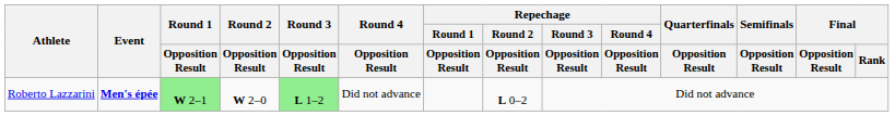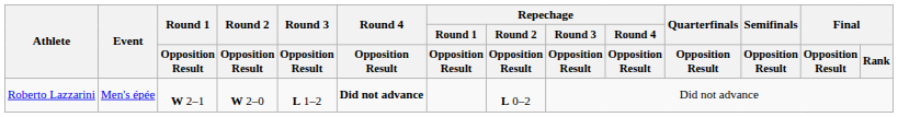 <table class="wikitable" style="font-size:85%">
 <tr>
 <th rowspan="3">Athlete</th>
 <th rowspan="3">Event</th>
 <th rowspan="2">Round 1</th>
 <th rowspan="2">Round 2</th>
 <th rowspan="2">Round 3</th>
 <th rowspan="2">Round 4</th>
 <th colspan=4>Repechage</th>
 <th rowspan="2">Quarterfinals</th>
 <th rowspan="2">Semifinals</th>
 <th rowspan="2" colspan=2>Final</th>
 </tr>
 <tr style="font-size:95%">
 <th>Round 1</th>
 <th>Round 2</th>
 <th>Round 3</th>
 <th>Round 4</th>
 </tr>
 <tr style="font-size:95%">
 <th>Opposition<br>Result</th>
 <th>Opposition<br>Result</th>
 <th>Opposition<br>Result</th>
 <th>Opposition<br>Result</th>
 <th>Opposition<br>Result</th>
 <th>Opposition<br>Result</th>
 <th>Opposition<br>Result</th>
 <th>Opposition<br>Result</th>
 <th>Opposition<br>Result</th>
 <th>Opposition<br>Result</th>
 <th>Opposition<br>Result</th>
 <th>Rank</th>
 </tr>
 <tr align=center>
 <td align=left><a href='#'>Roberto Lazzarini</a></td>
-<td align=left><strong><a href='#'>Men's épée</a></strong></td>
-<td style="background: lightgreen;"><br><strong>W</strong> 2–1</td>
+<td align=left><a href='#'>Men's épée</a></td>
+<td><br><strong>W</strong> 2–1</td>
 <td><br><strong>W</strong> 2–0</td>
-<td style="background: lightgreen;"><br><strong>L</strong> 1–2</td>
-<td>Did not advance</td>
+<td><br><strong>L</strong> 1–2</td>
+<td><strong>Did not advance</strong></td>
 <td></td>
 <td><br><strong>L</strong> 0–2</td>
 <td colspan=6>Did not advance</td>
 </tr>
 </table>
